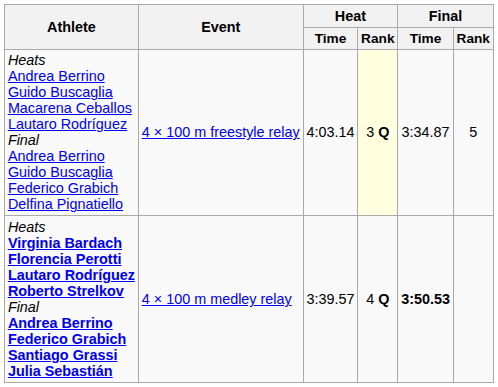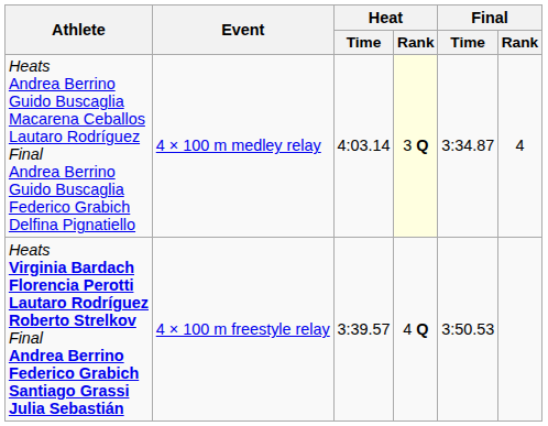 <table class="wikitable" style="font-size:90%;text-align:center">
 <tr>
 <th rowspan="2">Athlete</th>
 <th rowspan="2">Event</th>
 <th colspan="2">Heat</th>
 <th colspan="2">Final</th>
 </tr>
 <tr style="font-size:95%">
 <th>Time</th>
 <th>Rank</th>
 <th>Time</th>
 <th>Rank</th>
 </tr>
 <tr>
 <td style="text-align:left"><em>Heats</em><br><a href='#'>Andrea Berrino</a><br><a href='#'>Guido Buscaglia</a><br><a href='#'>Macarena Ceballos</a><br><a href='#'>Lautaro Rodríguez</a><br><em>Final</em><br><a href='#'>Andrea Berrino</a><br><a href='#'>Guido Buscaglia</a><br><a href='#'>Federico Grabich</a><br><a href='#'>Delfina Pignatiello</a></td>
-<td style="text-align:left"><a href='#'>4 × 100 m freestyle relay</a></td>
+<td style="text-align:left"><a href='#'>4 × 100 m medley relay</a></td>
 <td>4:03.14</td>
 <td style="background: lightyellow;">3 <strong>Q</strong></td>
 <td>3:34.87</td>
-<td>5</td>
+<td>4</td>
 </tr>
 <tr>
 <td style="text-align:left"><em>Heats</em><br><strong><a href='#'>Virginia Bardach</a><br><a href='#'>Florencia Perotti</a><br><a href='#'>Lautaro Rodríguez</a><br><a href='#'>Roberto Strelkov</a></strong><br><em>Final</em><br><strong><a href='#'>Andrea Berrino</a><br><a href='#'>Federico Grabich</a><br><a href='#'>Santiago Grassi</a><br><a href='#'>Julia Sebastián</a></strong></td>
-<td style="text-align:left"><a href='#'>4 × 100 m medley relay</a></td>
+<td style="text-align:left"><a href='#'>4 × 100 m freestyle relay</a></td>
 <td>3:39.57</td>
 <td>4 <strong>Q</strong></td>
-<td><strong>3:50.53</strong></td>
+<td>3:50.53</td>
 <td></td>
 </tr>
 </table>
